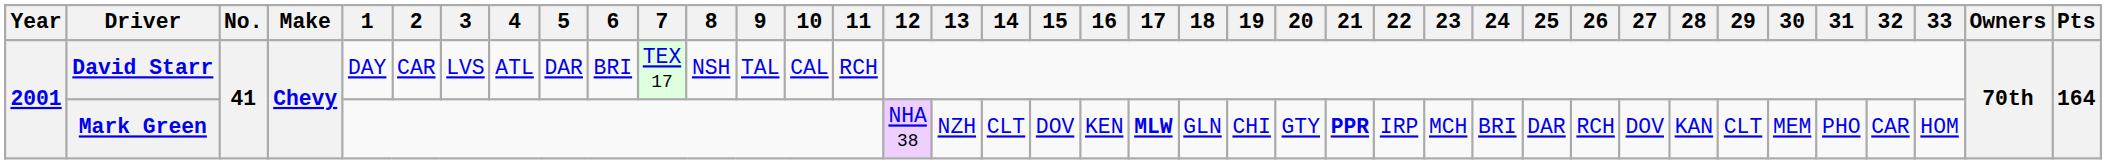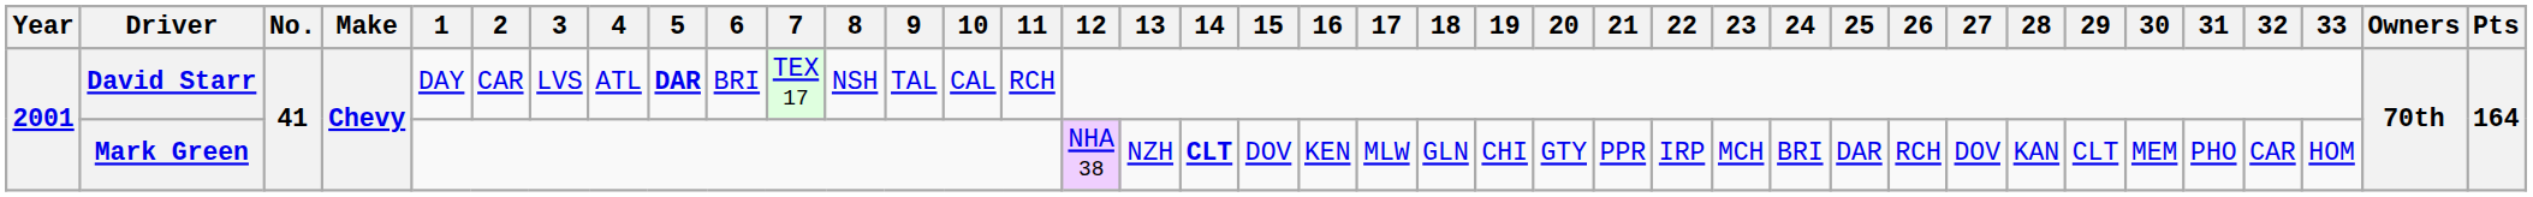 <table class="wikitable" style="text-align:center; font-size:75%">
 <tr>
 <th>Year</th>
 <th>Driver</th>
 <th>No.</th>
 <th>Make</th>
 <th>1</th>
 <th>2</th>
 <th>3</th>
 <th>4</th>
 <th>5</th>
 <th>6</th>
 <th>7</th>
 <th>8</th>
 <th>9</th>
 <th>10</th>
 <th>11</th>
 <th>12</th>
 <th>13</th>
 <th>14</th>
 <th>15</th>
 <th>16</th>
 <th>17</th>
 <th>18</th>
 <th>19</th>
 <th>20</th>
 <th>21</th>
 <th>22</th>
 <th>23</th>
 <th>24</th>
 <th>25</th>
 <th>26</th>
 <th>27</th>
 <th>28</th>
 <th>29</th>
 <th>30</th>
 <th>31</th>
 <th>32</th>
 <th>33</th>
 <th>Owners</th>
 <th>Pts</th>
 </tr>
 <tr>
 <th rowspan=2><a href='#'>2001</a></th>
 <th><a href='#'>David Starr</a></th>
 <th rowspan=2>41</th>
 <th rowspan=2><a href='#'>Chevy</a></th>
 <td><a href='#'>DAY</a></td>
 <td><a href='#'>CAR</a></td>
 <td><a href='#'>LVS</a></td>
 <td><a href='#'>ATL</a></td>
-<td><a href='#'>DAR</a></td>
+<td><strong><a href='#'>DAR</a></strong></td>
 <td><a href='#'>BRI</a></td>
 <td style="background:#DFFFDF;"><a href='#'>TEX</a><br><small>17</small></td>
 <td><a href='#'>NSH</a></td>
 <td><a href='#'>TAL</a></td>
 <td><a href='#'>CAL</a></td>
 <td><a href='#'>RCH</a></td>
 <td colspan=22></td>
 <th rowspan=2>70th</th>
 <th rowspan=2>164</th>
 </tr>
 <tr>
 <th><a href='#'>Mark Green</a></th>
 <td colspan=11></td>
 <td style="background:#EFCFFF;"><a href='#'>NHA</a><br><small>38</small></td>
 <td><a href='#'>NZH</a></td>
-<td><a href='#'>CLT</a></td>
+<td><strong><a href='#'>CLT</a></strong></td>
 <td><a href='#'>DOV</a></td>
 <td><a href='#'>KEN</a></td>
-<td><strong><a href='#'>MLW</a></strong></td>
+<td><a href='#'>MLW</a></td>
 <td><a href='#'>GLN</a></td>
 <td><a href='#'>CHI</a></td>
 <td><a href='#'>GTY</a></td>
-<td><strong><a href='#'>PPR</a></strong></td>
+<td><a href='#'>PPR</a></td>
 <td><a href='#'>IRP</a></td>
 <td><a href='#'>MCH</a></td>
 <td><a href='#'>BRI</a></td>
 <td><a href='#'>DAR</a></td>
 <td><a href='#'>RCH</a></td>
 <td><a href='#'>DOV</a></td>
 <td><a href='#'>KAN</a></td>
 <td><a href='#'>CLT</a></td>
 <td><a href='#'>MEM</a></td>
 <td><a href='#'>PHO</a></td>
 <td><a href='#'>CAR</a></td>
 <td><a href='#'>HOM</a></td>
 </tr>
 </table>
